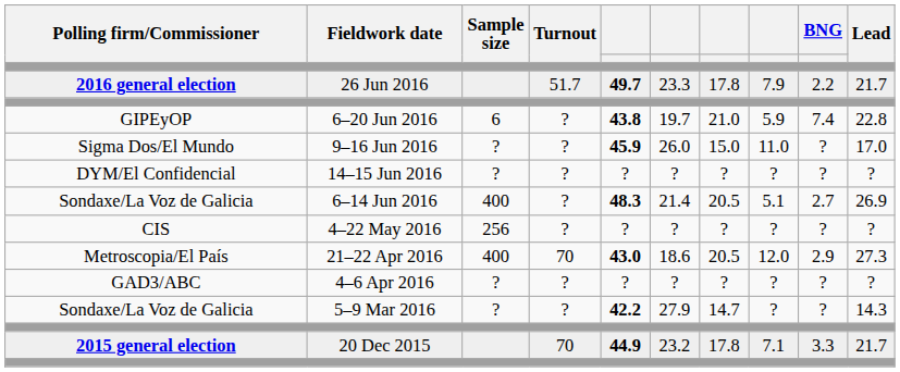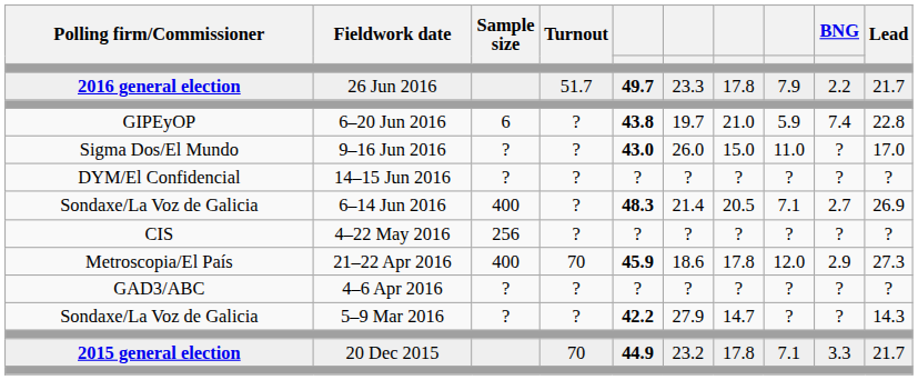 <table class="wikitable collapsible collapsed" style="text-align:center; font-size:95%; line-height:16px;">
 <tr style="height:42px; background-color:#E9E9E9">
 <th style="width:250px;" rowspan="2">Polling firm/Commissioner</th>
 <th style="width:125px;" rowspan="2">Fieldwork date</th>
 <th style="width:50px;" rowspan="2">Sample size</th>
 <th style="width:45px;" rowspan="2">Turnout</th>
 <th style="width:35px;"></th>
 <th style="width:35px;"></th>
 <th style="width:35px;"></th>
 <th style="width:35px;"></th>
 <th style="width:35px;"><a href='#'>BNG</a></th>
 <th style="width:30px;" rowspan="2">Lead</th>
 </tr>
 <tr>
 <th style="color:inherit;background:"></th>
 <th style="color:inherit;background:"></th>
 <th style="color:inherit;background:"></th>
 <th style="color:inherit;background:"></th>
 <th style="color:inherit;background:"></th>
 </tr>
 <tr>
 <td colspan="10" style="background:#A0A0A0"></td>
 </tr>
 <tr style="background:#EFEFEF;">
 <td><strong><a href='#'>2016 general election</a></strong></td>
 <td>26 Jun 2016</td>
 <td></td>
 <td>51.7</td>
 <td><strong>49.7</strong><br></td>
 <td>23.3<br></td>
 <td>17.8<br></td>
 <td>7.9<br></td>
 <td>2.2<br></td>
 <td style="background:">21.7</td>
 </tr>
 <tr>
 <td colspan="10" style="background:#A0A0A0"></td>
 </tr>
 <tr>
 <td>GIPEyOP</td>
 <td>6–20 Jun 2016</td>
 <td>6</td>
 <td>?</td>
 <td><strong>43.8</strong><br></td>
 <td>19.7<br></td>
 <td>21.0<br></td>
 <td>5.9<br></td>
 <td>7.4<br></td>
 <td style="background:">22.8</td>
 </tr>
 <tr>
 <td>Sigma Dos/El Mundo</td>
 <td>9–16 Jun 2016</td>
 <td>?</td>
 <td>?</td>
-<td><strong>45.9</strong><br></td>
+<td><strong>43.0</strong><br></td>
 <td>26.0<br></td>
 <td>15.0<br></td>
 <td>11.0<br></td>
 <td>?<br></td>
 <td style="background:">17.0</td>
 </tr>
 <tr>
 <td>DYM/El Confidencial</td>
 <td>14–15 Jun 2016</td>
 <td>?</td>
 <td>?</td>
 <td>?<br></td>
 <td>?<br></td>
 <td>?<br></td>
 <td>?<br></td>
 <td>?<br></td>
 <td style="background:">?</td>
 </tr>
 <tr>
 <td>Sondaxe/La Voz de Galicia</td>
 <td>6–14 Jun 2016</td>
 <td>400</td>
 <td>?</td>
 <td><strong>48.3</strong><br></td>
 <td>21.4<br></td>
 <td>20.5<br></td>
-<td>5.1<br></td>
+<td>7.1<br></td>
 <td>2.7<br></td>
 <td style="background:">26.9</td>
 </tr>
 <tr>
 <td>CIS</td>
 <td>4–22 May 2016</td>
 <td>256</td>
 <td>?</td>
 <td>?<br></td>
 <td>?<br></td>
 <td>?<br></td>
 <td>?<br></td>
 <td>?<br></td>
 <td style="background:">?</td>
 </tr>
 <tr>
 <td>Metroscopia/El País</td>
 <td>21–22 Apr 2016</td>
 <td>400</td>
 <td>70</td>
-<td><strong>43.0</strong><br></td>
+<td><strong>45.9</strong><br></td>
 <td>18.6<br></td>
-<td>20.5<br></td>
+<td>17.8<br></td>
 <td>12.0<br></td>
 <td>2.9<br></td>
 <td style="background:">27.3</td>
 </tr>
 <tr>
 <td>GAD3/ABC</td>
 <td>4–6 Apr 2016</td>
 <td>?</td>
 <td>?</td>
 <td>?<br></td>
 <td>?<br></td>
 <td>?<br></td>
 <td>?<br></td>
 <td>?<br></td>
 <td style="background:">?</td>
 </tr>
 <tr>
 <td>Sondaxe/La Voz de Galicia</td>
 <td>5–9 Mar 2016</td>
 <td>?</td>
 <td>?</td>
 <td><strong>42.2</strong><br></td>
 <td>27.9<br></td>
 <td>14.7<br></td>
 <td>?<br></td>
 <td>?<br></td>
 <td style="background:">14.3</td>
 </tr>
 <tr>
 <td colspan="10" style="background:#A0A0A0"></td>
 </tr>
 <tr style="background:#EFEFEF;">
 <td><strong><a href='#'>2015 general election</a></strong></td>
 <td>20 Dec 2015</td>
 <td></td>
 <td>70</td>
 <td><strong>44.9</strong><br></td>
 <td>23.2<br></td>
 <td>17.8<br></td>
 <td>7.1<br></td>
 <td>3.3<br></td>
 <td style="background:">21.7</td>
 </tr>
 <tr>
 <td colspan="10" style="background:#A0A0A0"></td>
 </tr>
 </table>
